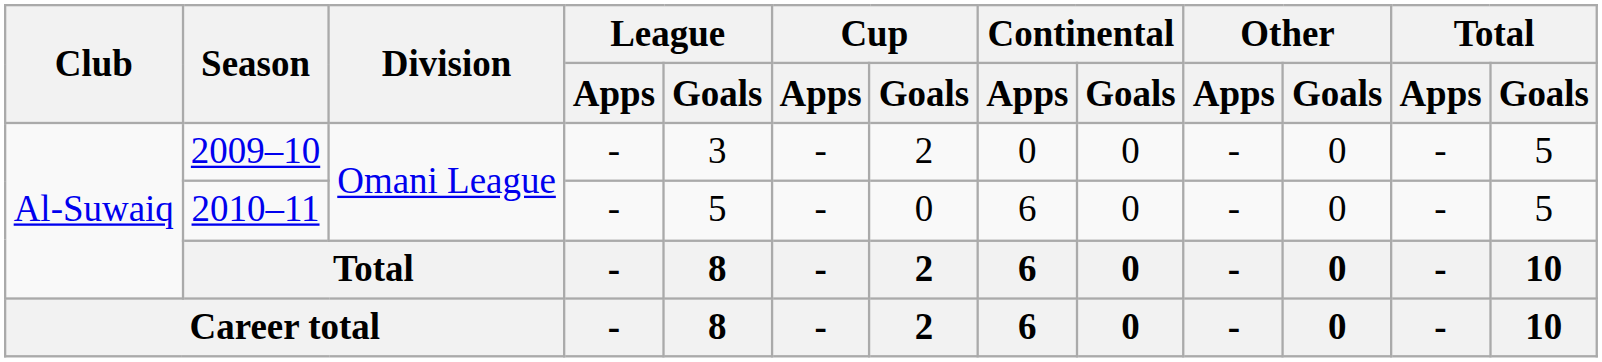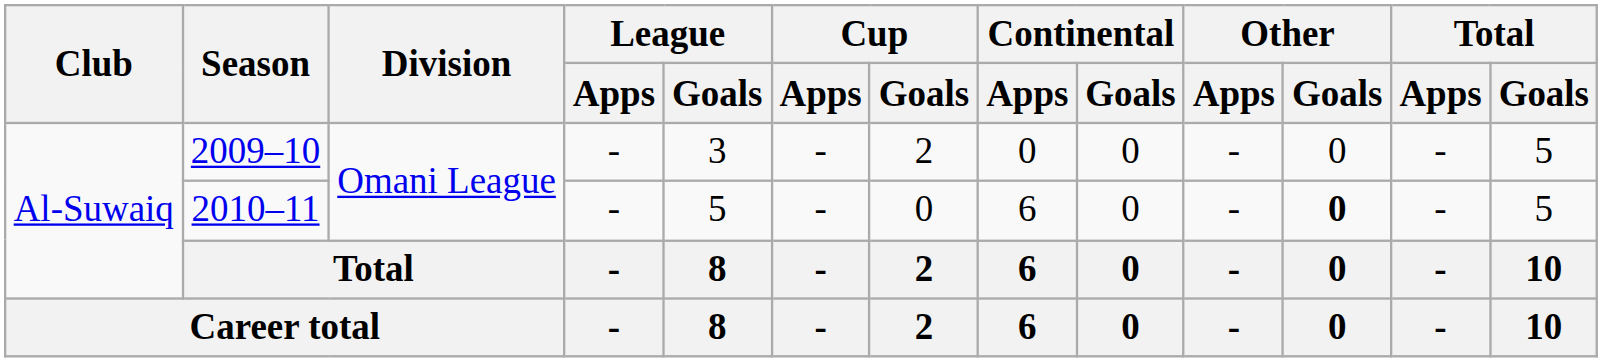 <table class="wikitable" style="text-align: center;">
 <tr>
 <th rowspan=2>Club</th>
 <th rowspan=2>Season</th>
 <th rowspan=2>Division</th>
 <th colspan=2>League</th>
 <th colspan=2>Cup</th>
 <th colspan=2>Continental</th>
 <th colspan=2>Other</th>
 <th colspan=2>Total</th>
 </tr>
 <tr>
 <th>Apps</th>
 <th>Goals</th>
 <th>Apps</th>
 <th>Goals</th>
 <th>Apps</th>
 <th>Goals</th>
 <th>Apps</th>
 <th>Goals</th>
 <th>Apps</th>
 <th>Goals</th>
 </tr>
 <tr>
 <td rowspan=3><a href='#'>Al-Suwaiq</a></td>
 <td><a href='#'>2009–10</a></td>
 <td rowspan=2><a href='#'>Omani League</a></td>
 <td>-</td>
 <td>3</td>
 <td>-</td>
 <td>2</td>
 <td>0</td>
 <td>0</td>
 <td>-</td>
 <td>0</td>
 <td>-</td>
 <td>5</td>
 </tr>
 <tr>
 <td><a href='#'>2010–11</a></td>
 <td>-</td>
 <td>5</td>
 <td>-</td>
 <td>0</td>
 <td>6</td>
 <td>0</td>
 <td>-</td>
-<td>0</td>
+<td><strong>0</strong></td>
 <td>-</td>
 <td>5</td>
 </tr>
 <tr>
 <th colspan=2>Total</th>
 <th>-</th>
 <th>8</th>
 <th>-</th>
 <th>2</th>
 <th>6</th>
 <th>0</th>
 <th>-</th>
 <th>0</th>
 <th>-</th>
 <th>10</th>
 </tr>
 <tr>
 <th colspan=3>Career total</th>
 <th>-</th>
 <th>8</th>
 <th>-</th>
 <th>2</th>
 <th>6</th>
 <th>0</th>
 <th>-</th>
 <th>0</th>
 <th>-</th>
 <th>10</th>
 </tr>
 </table>
